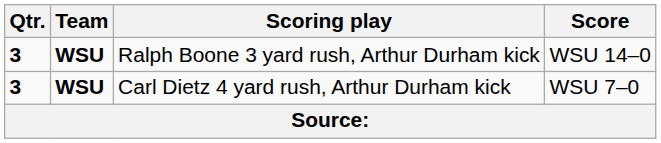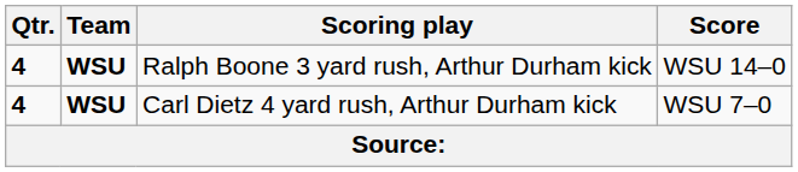 <table class="wikitable">
 <tr>
 <th>Qtr.</th>
 <th>Team</th>
 <th>Scoring play</th>
 <th>Score</th>
 </tr>
 <tr>
-<td><strong>3</strong></td>
+<td><strong>4</strong></td>
 <td><strong>WSU</strong></td>
 <td>Ralph Boone 3 yard rush, Arthur Durham kick</td>
 <td>WSU 14–0</td>
 </tr>
 <tr>
-<td><strong>3</strong></td>
+<td><strong>4</strong></td>
 <td><strong>WSU</strong></td>
 <td>Carl Dietz 4 yard rush, Arthur Durham kick</td>
 <td>WSU 7–0</td>
 </tr>
 <tr>
 <th colspan=4>Source:</th>
 </tr>
 </table>
